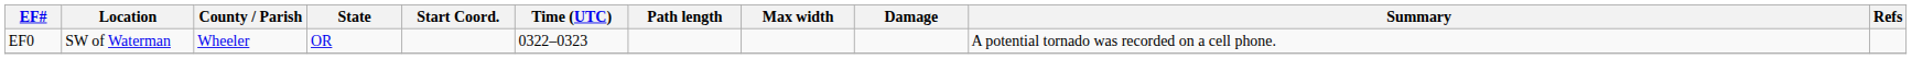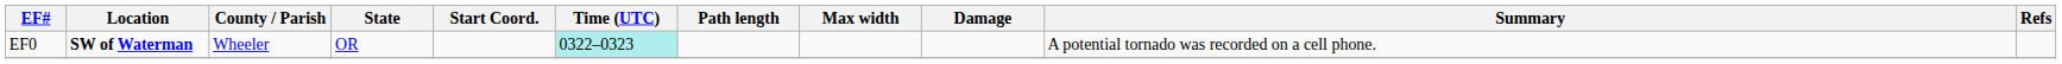 <table class="wikitable sortable" style="width:100%;">
 <tr>
 <th scope="col" width="3%" align="center"><a href='#'>EF#</a></th>
 <th scope="col" width="7%" align="center" class="unsortable">Location</th>
 <th scope="col" width="6%" align="center" class="unsortable">County / Parish</th>
 <th scope="col" width="5%" align="center">State</th>
 <th scope="col" width="6%" align="center">Start Coord.</th>
 <th scope="col" width="6%" align="center">Time (<a href='#'>UTC</a>)</th>
 <th scope="col" width="6%" align="center">Path length</th>
 <th scope="col" width="6%" align="center">Max width</th>
 <th scope="col" width="6%" align="center">Damage</th>
 <th scope="col" width="48%" class="unsortable" align="center">Summary</th>
 <th scope="col" width="48%" class="unsortable" align="center">Refs</th>
 </tr>
 <tr>
 <td>EF0</td>
-<td>SW of <a href='#'>Waterman</a></td>
+<td><strong>SW of <a href='#'>Waterman</a></strong></td>
 <td><a href='#'>Wheeler</a></td>
 <td><a href='#'>OR</a></td>
 <td></td>
-<td>0322–0323</td>
+<td style="background: paleturquoise;">0322–0323</td>
 <td></td>
 <td></td>
 <td></td>
 <td>A potential tornado was recorded on a cell phone.</td>
 <td></td>
 </tr>
 <tr>
 </tr>
 </table>
